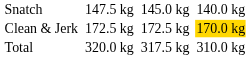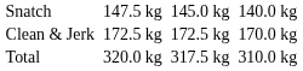 <table>
 <tr>
 <td>Snatch</td>
 <td></td>
 <td>147.5 kg</td>
 <td></td>
 <td>145.0 kg</td>
 <td></td>
 <td>140.0 kg</td>
 </tr>
 <tr>
 <td>Clean & Jerk</td>
 <td></td>
 <td>172.5 kg</td>
 <td></td>
 <td>172.5 kg</td>
 <td></td>
-<td style="background: gold;">170.0 kg</td>
+<td>170.0 kg</td>
 </tr>
 <tr>
 <td>Total</td>
 <td></td>
 <td>320.0 kg</td>
 <td></td>
 <td>317.5 kg</td>
 <td></td>
 <td>310.0 kg</td>
 </tr>
 </table>
